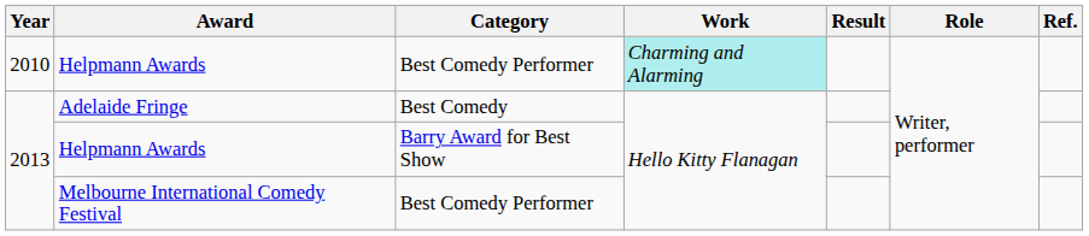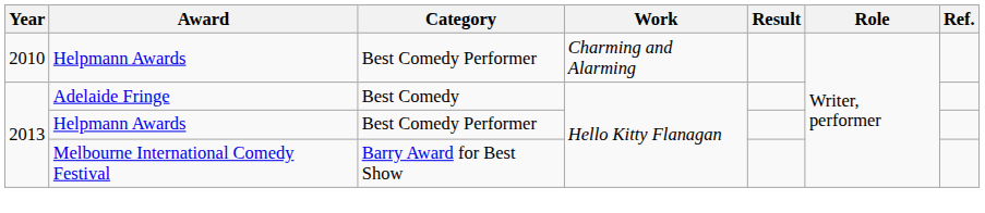 <table class="wikitable">
 <tr>
 <th>Year</th>
 <th>Award</th>
 <th>Category</th>
 <th>Work</th>
 <th>Result</th>
 <th>Role</th>
 <th>Ref.</th>
 </tr>
 <tr>
 <td>2010</td>
 <td><a href='#'>Helpmann Awards</a></td>
 <td>Best Comedy Performer</td>
-<td style="background: paleturquoise;"><em>Charming and Alarming</em></td>
+<td><em>Charming and Alarming</em></td>
 <td></td>
 <td rowspan="4">Writer, performer</td>
 <td></td>
 </tr>
 <tr>
 <td rowspan="3">2013</td>
 <td><a href='#'>Adelaide Fringe</a></td>
 <td>Best Comedy</td>
 <td rowspan="3"><em>Hello Kitty Flanagan</em></td>
 <td></td>
 <td></td>
 </tr>
 <tr>
 <td><a href='#'>Helpmann Awards</a></td>
-<td><a href='#'>Barry Award</a> for Best Show</td>
+<td>Best Comedy Performer</td>
 <td></td>
 <td></td>
 </tr>
 <tr>
 <td><a href='#'>Melbourne International Comedy Festival</a></td>
-<td>Best Comedy Performer</td>
+<td><a href='#'>Barry Award</a> for Best Show</td>
 <td></td>
 <td></td>
 </tr>
 </table>
